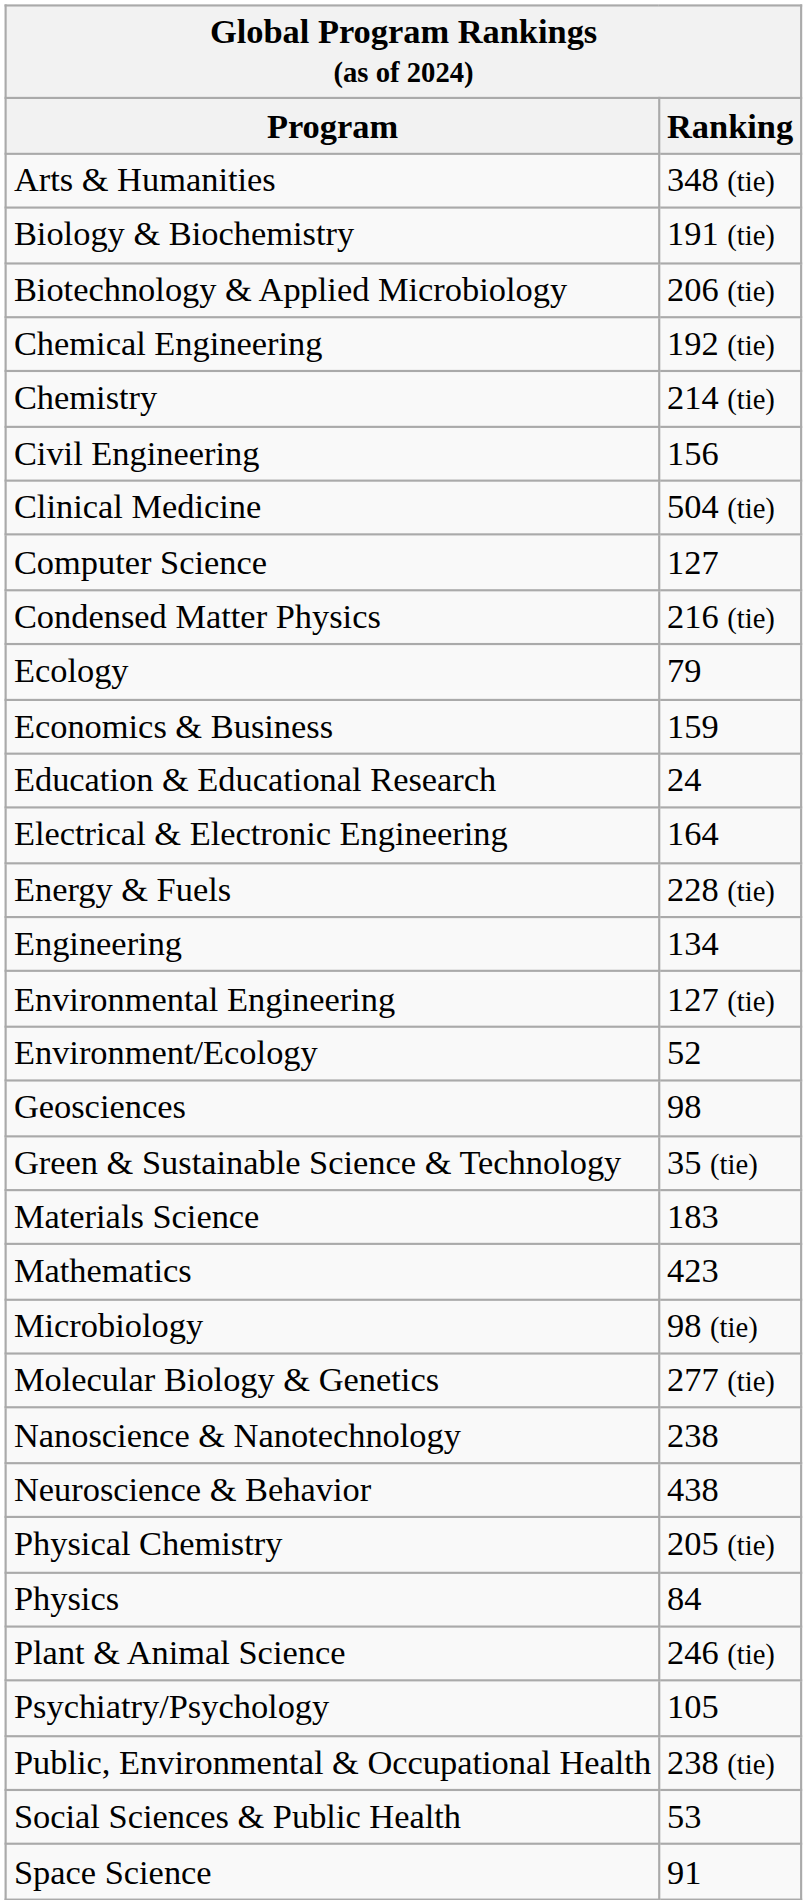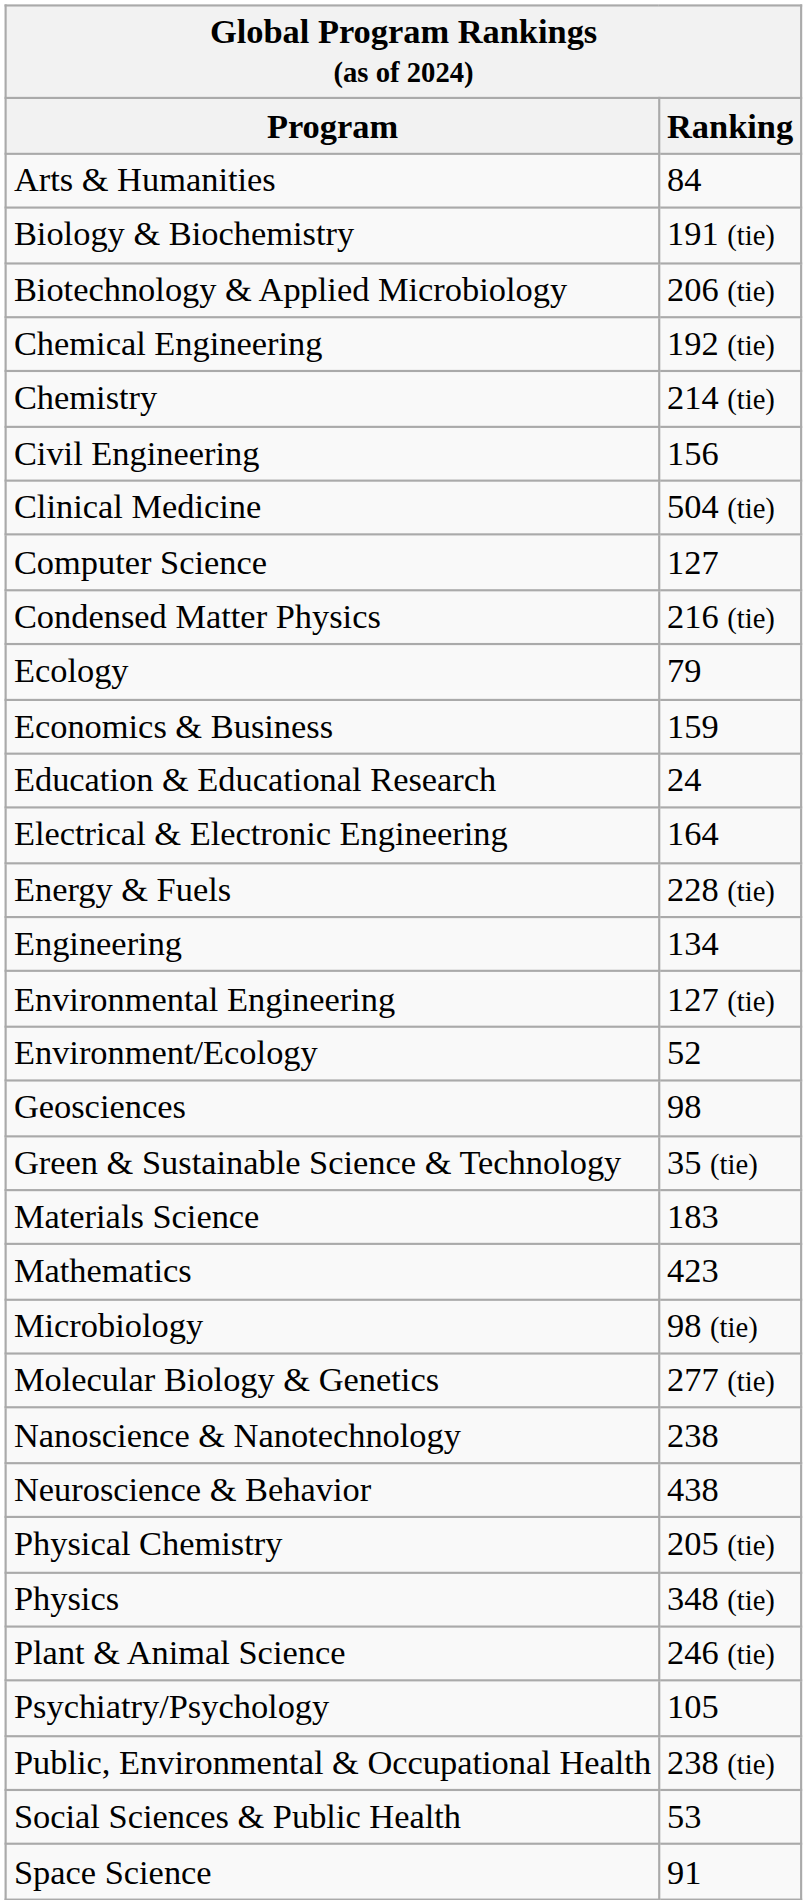 <table class="wikitable sortable collapsible collapsed" style="float:right" "text-align:center">
 <tr>
 <th colspan=4>Global Program Rankings<br><small>(as of 2024)</small></th>
 </tr>
 <tr>
 <th>Program</th>
 <th>Ranking</th>
 </tr>
 <tr>
 <td>Arts & Humanities</td>
-<td>348 <small>(tie)</small></td>
+<td>84</td>
 </tr>
 <tr>
 <td>Biology & Biochemistry</td>
 <td>191 <small>(tie)</small></td>
 </tr>
 <tr>
 <td>Biotechnology & Applied Microbiology</td>
 <td>206 <small>(tie)</small></td>
 </tr>
 <tr>
 <td>Chemical Engineering</td>
 <td>192 <small>(tie)</small></td>
 </tr>
 <tr>
 <td>Chemistry</td>
 <td>214 <small>(tie)</small></td>
 </tr>
 <tr>
 <td>Civil Engineering</td>
 <td>156</td>
 </tr>
 <tr>
 <td>Clinical Medicine</td>
 <td>504 <small>(tie)</small></td>
 </tr>
 <tr>
 <td>Computer Science</td>
 <td>127</td>
 </tr>
 <tr>
 <td>Condensed Matter Physics</td>
 <td>216 <small>(tie)</small></td>
 </tr>
 <tr>
 <td>Ecology</td>
 <td>79</td>
 </tr>
 <tr>
 <td>Economics & Business</td>
 <td>159</td>
 </tr>
 <tr>
 <td>Education & Educational Research</td>
 <td>24</td>
 </tr>
 <tr>
 <td>Electrical & Electronic Engineering</td>
 <td>164</td>
 </tr>
 <tr>
 <td>Energy & Fuels</td>
 <td>228 <small>(tie)</small></td>
 </tr>
 <tr>
 <td>Engineering</td>
 <td>134</td>
 </tr>
 <tr>
 <td>Environmental Engineering</td>
 <td>127 <small>(tie)</small></td>
 </tr>
 <tr>
 <td>Environment/Ecology</td>
 <td>52</td>
 </tr>
 <tr>
 <td>Geosciences</td>
 <td>98</td>
 </tr>
 <tr>
 <td>Green & Sustainable Science & Technology</td>
 <td>35 <small>(tie)</small></td>
 </tr>
 <tr>
 <td>Materials Science</td>
 <td>183</td>
 </tr>
 <tr>
 <td>Mathematics</td>
 <td>423</td>
 </tr>
 <tr>
 <td>Microbiology</td>
 <td>98 <small>(tie)</small></td>
 </tr>
 <tr>
 <td>Molecular Biology & Genetics</td>
 <td>277 <small>(tie)</small></td>
 </tr>
 <tr>
 <td>Nanoscience & Nanotechnology</td>
 <td>238</td>
 </tr>
 <tr>
 <td>Neuroscience & Behavior</td>
 <td>438</td>
 </tr>
 <tr>
 <td>Physical Chemistry</td>
 <td>205 <small>(tie)</small></td>
 </tr>
 <tr>
 <td>Physics</td>
-<td>84</td>
+<td>348 <small>(tie)</small></td>
 </tr>
 <tr>
 <td>Plant & Animal Science</td>
 <td>246 <small>(tie)</small></td>
 </tr>
 <tr>
 <td>Psychiatry/Psychology</td>
 <td>105</td>
 </tr>
 <tr>
 <td>Public, Environmental & Occupational Health</td>
 <td>238 <small>(tie)</small></td>
 </tr>
 <tr>
 <td>Social Sciences & Public Health</td>
 <td>53</td>
 </tr>
 <tr>
 <td>Space Science</td>
 <td>91</td>
 </tr>
 </table>
